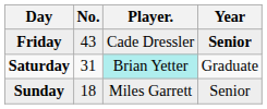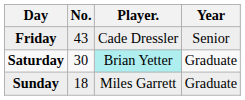 <table class="wikitable non-sortable">
 <tr>
 <th style="text-align:center; ">Day</th>
 <th style="text-align:center; ">No.</th>
 <th style="text-align:center; ">Player.</th>
 <th style="text-align:center; ">Year</th>
 </tr>
 <tr style="background:#eeeeee;text-align:center;">
 <td><strong>Friday</strong></td>
 <td>43</td>
 <td>Cade Dressler</td>
-<td><strong>Senior</strong></td>
+<td>Senior</td>
 </tr>
 <tr style="text-align:center;">
 <td><strong>Saturday</strong></td>
-<td>31</td>
+<td>30</td>
 <td style="background: paleturquoise;">Brian Yetter</td>
 <td>Graduate</td>
 </tr>
 <tr style="background:#eeeeee;text-align:center;">
 <td><strong>Sunday</strong></td>
 <td>18</td>
 <td>Miles Garrett</td>
-<td>Senior</td>
+<td>Graduate</td>
 </tr>
 </table>
